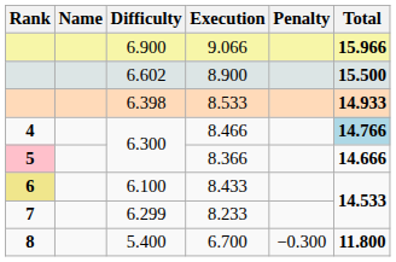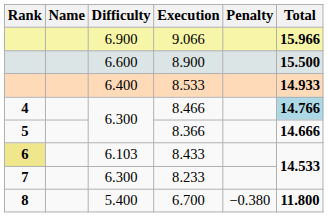 <table class="wikitable sortable" style="text-align:center">
 <tr>
 <th>Rank</th>
 <th>Name</th>
 <th>Difficulty</th>
 <th>Execution</th>
 <th>Penalty</th>
 <th>Total</th>
 </tr>
 <tr style="background:#F7F6A8;”">
 <td></td>
 <td align="left"></td>
 <td>6.900</td>
 <td>9.066</td>
 <td></td>
 <td><strong>15.966</strong></td>
 </tr>
 <tr style="background:#DCE5E5;”">
 <td></td>
 <td align="left"></td>
-<td>6.602</td>
+<td>6.600</td>
 <td>8.900</td>
 <td></td>
 <td><strong>15.500</strong></td>
 </tr>
 <tr style="background:#FFDAB9;">
 <td></td>
 <td align="left"></td>
-<td>6.398</td>
+<td>6.400</td>
 <td>8.533</td>
 <td></td>
 <td><strong>14.933</strong></td>
 </tr>
 <tr>
 <td><strong>4</strong></td>
 <td align="left"></td>
 <td rowspan="2">6.300</td>
 <td>8.466</td>
 <td></td>
 <td style="background: lightblue;"><strong>14.766</strong></td>
 </tr>
 <tr>
-<td style="background: pink;"><strong>5</strong></td>
+<td><strong>5</strong></td>
 <td align="left"></td>
 <td>8.366</td>
 <td></td>
 <td><strong>14.666</strong></td>
 </tr>
 <tr>
 <td style="background: khaki;"><strong>6</strong></td>
 <td align="left"></td>
-<td>6.100</td>
+<td>6.103</td>
 <td>8.433</td>
 <td></td>
 <td rowspan="2"><strong>14.533</strong></td>
 </tr>
 <tr>
 <td><strong>7</strong></td>
 <td align="left"></td>
-<td>6.299</td>
+<td>6.300</td>
 <td>8.233</td>
 <td></td>
 </tr>
 <tr>
 <td><strong>8</strong></td>
 <td align="left"></td>
 <td>5.400</td>
 <td>6.700</td>
-<td>−0.300</td>
+<td>−0.380</td>
 <td><strong>11.800</strong></td>
 </tr>
 </table>
